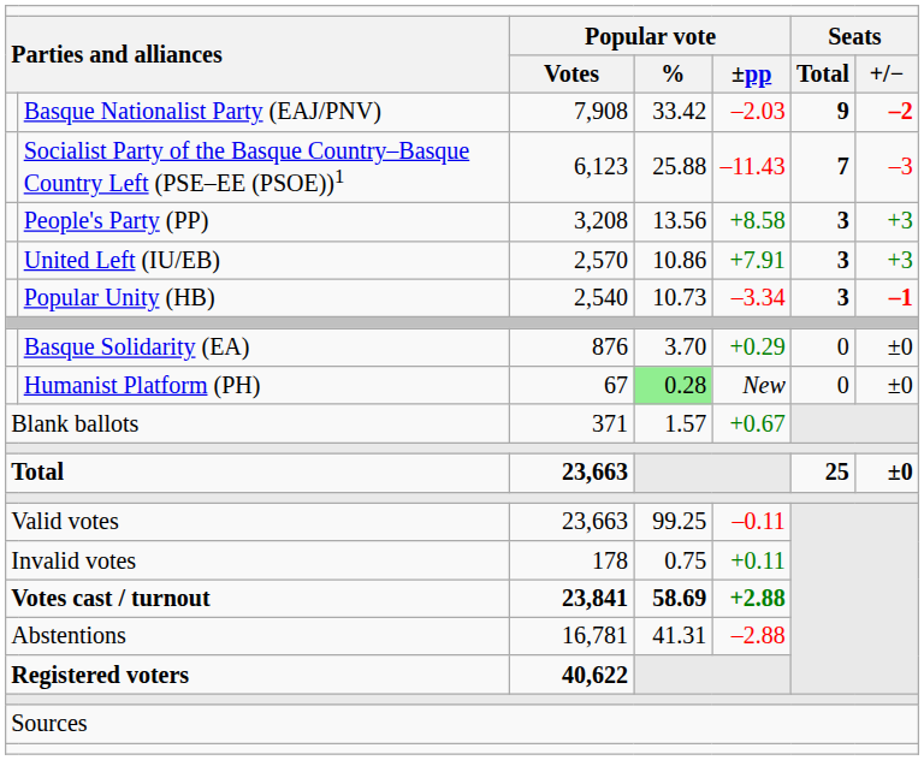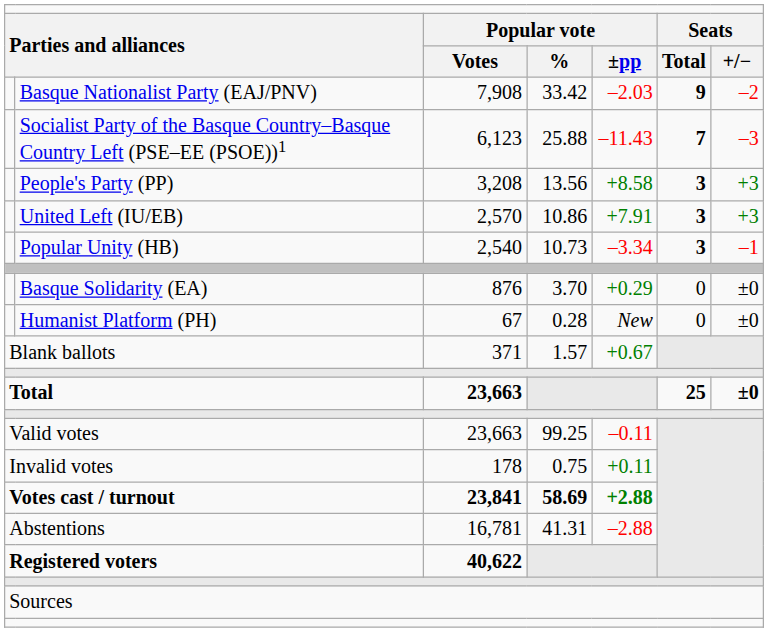 <table class="wikitable" style="text-align:right;">
 <tr>
 <td colspan="7"></td>
 </tr>
 <tr>
 <th style="text-align:left;" rowspan="2" colspan="2" width="525">Parties and alliances</th>
 <th colspan="3">Popular vote</th>
 <th colspan="2">Seats</th>
 </tr>
 <tr>
 <th width="75">Votes</th>
 <th width="45">%</th>
 <th width="45">±<a href='#'>pp</a></th>
 <th width="35">Total</th>
 <th width="35">+/−</th>
 </tr>
 <tr>
 <td width="1" style="color:inherit;background:"></td>
 <td align="left"><a href='#'>Basque Nationalist Party</a> (EAJ/PNV)</td>
 <td>7,908</td>
 <td>33.42</td>
 <td style="color:red;">–2.03</td>
 <td><strong>9</strong></td>
-<td style="color:red;"><strong>–2</strong></td>
+<td style="color:red;">–2</td>
 </tr>
 <tr>
 <td style="color:inherit;background:"></td>
 <td align="left"><a href='#'>Socialist Party of the Basque Country–Basque Country Left</a> (PSE–EE (PSOE))<sup>1</sup></td>
 <td>6,123</td>
 <td>25.88</td>
 <td style="color:red;">–11.43</td>
 <td><strong>7</strong></td>
 <td style="color:red;">–3</td>
 </tr>
 <tr>
 <td style="color:inherit;background:"></td>
 <td align="left"><a href='#'>People's Party</a> (PP)</td>
 <td>3,208</td>
 <td>13.56</td>
 <td style="color:green;">+8.58</td>
 <td><strong>3</strong></td>
 <td style="color:green;">+3</td>
 </tr>
 <tr>
 <td style="color:inherit;background:"></td>
 <td align="left"><a href='#'>United Left</a> (IU/EB)</td>
 <td>2,570</td>
 <td>10.86</td>
 <td style="color:green;">+7.91</td>
 <td><strong>3</strong></td>
 <td style="color:green;">+3</td>
 </tr>
 <tr>
 <td style="color:inherit;background:"></td>
 <td align="left"><a href='#'>Popular Unity</a> (HB)</td>
 <td>2,540</td>
 <td>10.73</td>
 <td style="color:red;">–3.34</td>
 <td><strong>3</strong></td>
-<td style="color:red;"><strong>–1</strong></td>
+<td style="color:red;">–1</td>
 </tr>
 <tr>
 <td colspan="7" bgcolor="#C0C0C0"></td>
 </tr>
 <tr>
 <td style="color:inherit;background:"></td>
 <td align="left"><a href='#'>Basque Solidarity</a> (EA)</td>
 <td>876</td>
 <td>3.70</td>
 <td style="color:green;">+0.29</td>
 <td>0</td>
 <td>±0</td>
 </tr>
 <tr>
 <td style="color:inherit;background:"></td>
 <td align="left"><a href='#'>Humanist Platform</a> (PH)</td>
 <td>67</td>
-<td style="background: lightgreen;">0.28</td>
+<td>0.28</td>
 <td><em>New</em></td>
 <td>0</td>
 <td>±0</td>
 </tr>
 <tr>
 <td align="left" colspan="2">Blank ballots</td>
 <td>371</td>
 <td>1.57</td>
 <td style="color:green;">+0.67</td>
 <td bgcolor="#E9E9E9" colspan="2"></td>
 </tr>
 <tr>
 <td colspan="7" bgcolor="#E9E9E9"></td>
 </tr>
 <tr style="font-weight:bold;">
 <td align="left" colspan="2">Total</td>
 <td>23,663</td>
 <td bgcolor="#E9E9E9" colspan="2"></td>
 <td>25</td>
 <td>±0</td>
 </tr>
 <tr>
 <td colspan="7" bgcolor="#E9E9E9"></td>
 </tr>
 <tr>
 <td align="left" colspan="2">Valid votes</td>
 <td>23,663</td>
 <td>99.25</td>
 <td style="color:red;">–0.11</td>
 <td bgcolor="#E9E9E9" colspan="2" rowspan="5"></td>
 </tr>
 <tr>
 <td align="left" colspan="2">Invalid votes</td>
 <td>178</td>
 <td>0.75</td>
 <td style="color:green;">+0.11</td>
 </tr>
 <tr style="font-weight:bold;">
 <td align="left" colspan="2">Votes cast / turnout</td>
 <td>23,841</td>
 <td>58.69</td>
 <td style="color:green;">+2.88</td>
 </tr>
 <tr>
 <td align="left" colspan="2">Abstentions</td>
 <td>16,781</td>
 <td>41.31</td>
 <td style="color:red;">–2.88</td>
 </tr>
 <tr style="font-weight:bold;">
 <td align="left" colspan="2">Registered voters</td>
 <td>40,622</td>
 <td bgcolor="#E9E9E9" colspan="2"></td>
 </tr>
 <tr>
 <td colspan="7" bgcolor="#E9E9E9"></td>
 </tr>
 <tr>
 <td align="left" colspan="7">Sources</td>
 </tr>
 <tr>
 <td colspan="7" style="text-align:left; max-width:790px;"></td>
 </tr>
 </table>
